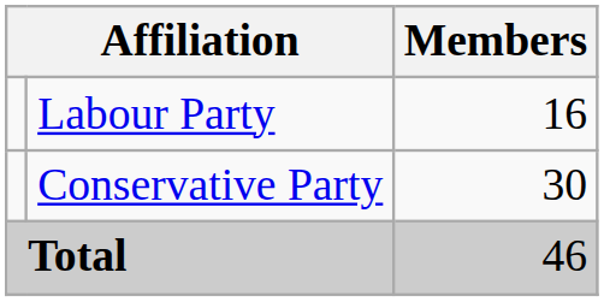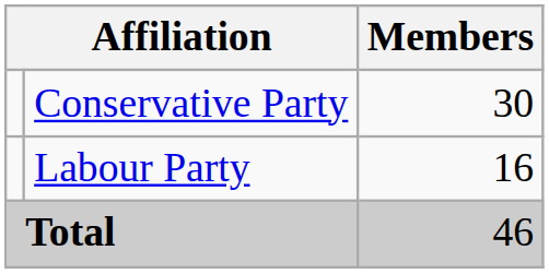 <table class="wikitable">
 <tr>
 <th colspan="2">Affiliation</th>
 <th>Members</th>
 </tr>
 <tr>
 <td style="color:inherit;background:"></td>
-<td><a href='#'>Labour Party</a></td>
-<td align="right">16</td>
+<td><a href='#'>Conservative Party</a></td>
+<td align="right">30</td>
 </tr>
 <tr>
 <td style="color:inherit;background:"></td>
-<td><a href='#'>Conservative Party</a></td>
-<td align="right">30</td>
+<td><a href='#'>Labour Party</a></td>
+<td align="right">16</td>
 </tr>
 <tr bgcolor="CCCCCC">
 <td colspan="2" rowspan="1"> <strong>Total</strong></td>
 <td align="right">46</td>
 </tr>
 <tr>
 </tr>
 </table>
